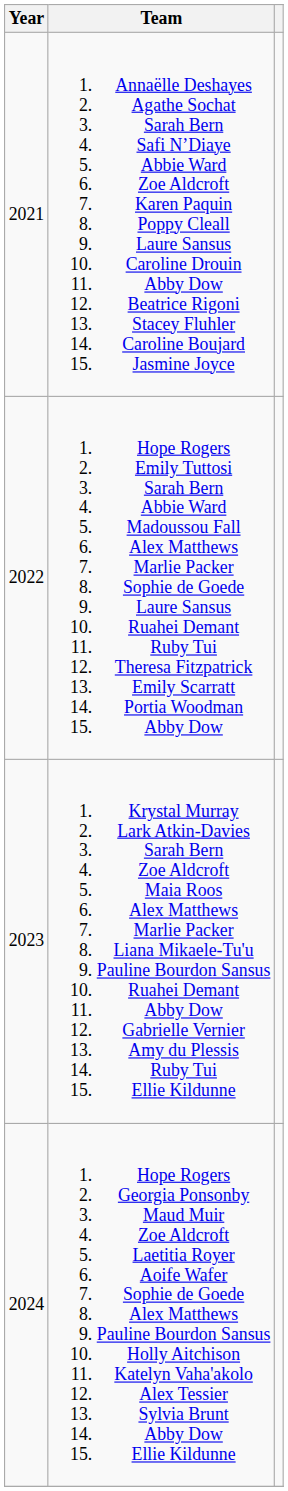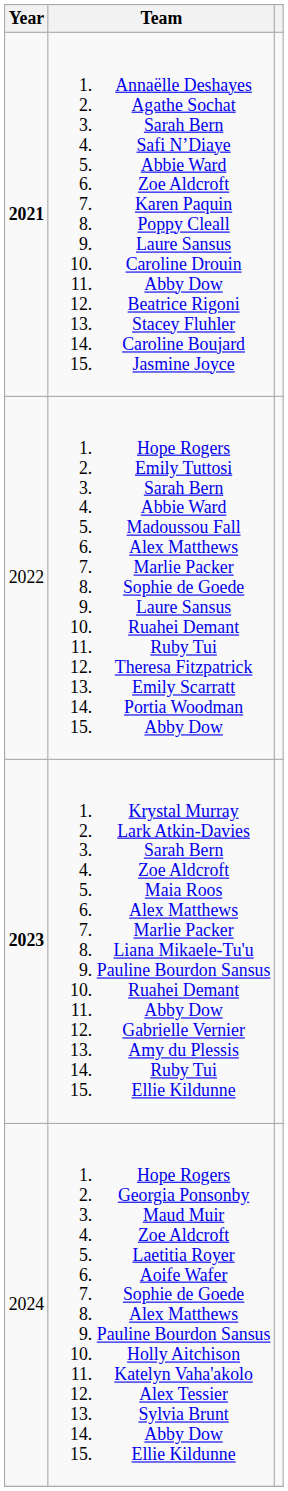 <table class="wikitable" style="text-align: center;">
 <tr>
 <th>Year</th>
 <th>Team</th>
 <th></th>
 </tr>
 <tr>
-<td>2021</td>
+<td><strong>2021</strong></td>
 <td><br><ol><li> <a href='#'>Annaëlle Deshayes</a></li><li> <a href='#'>Agathe Sochat</a></li><li> <a href='#'>Sarah Bern</a></li><li> <a href='#'>Safi N’Diaye</a></li><li> <a href='#'>Abbie Ward</a></li><li> <a href='#'>Zoe Aldcroft</a></li><li> <a href='#'>Karen Paquin</a></li><li> <a href='#'>Poppy Cleall</a></li><li> <a href='#'>Laure Sansus</a></li><li> <a href='#'>Caroline Drouin</a></li><li> <a href='#'>Abby Dow</a></li><li> <a href='#'>Beatrice Rigoni</a></li><li> <a href='#'>Stacey Fluhler</a></li><li> <a href='#'>Caroline Boujard</a></li><li> <a href='#'>Jasmine Joyce</a></li></ol></td>
 <td></td>
 </tr>
 <tr>
 <td>2022</td>
 <td><br><ol><li> <a href='#'>Hope Rogers</a></li><li> <a href='#'>Emily Tuttosi</a></li><li> <a href='#'>Sarah Bern</a></li><li> <a href='#'>Abbie Ward</a></li><li> <a href='#'>Madoussou Fall</a></li><li> <a href='#'>Alex Matthews</a></li><li> <a href='#'>Marlie Packer</a></li><li> <a href='#'>Sophie de Goede</a></li><li> <a href='#'>Laure Sansus</a></li><li> <a href='#'>Ruahei Demant</a></li><li> <a href='#'>Ruby Tui</a></li><li> <a href='#'>Theresa Fitzpatrick</a></li><li> <a href='#'>Emily Scarratt</a></li><li> <a href='#'>Portia Woodman</a></li><li> <a href='#'>Abby Dow</a></li></ol></td>
 <td></td>
 </tr>
 <tr>
-<td>2023</td>
+<td><strong>2023</strong></td>
 <td><br><ol><li> <a href='#'>Krystal Murray</a></li><li> <a href='#'>Lark Atkin-Davies</a></li><li> <a href='#'>Sarah Bern</a></li><li> <a href='#'>Zoe Aldcroft</a></li><li> <a href='#'>Maia Roos</a></li><li> <a href='#'>Alex Matthews</a></li><li> <a href='#'>Marlie Packer</a></li><li> <a href='#'>Liana Mikaele-Tu'u</a></li><li> <a href='#'>Pauline Bourdon Sansus</a></li><li> <a href='#'>Ruahei Demant</a></li><li> <a href='#'>Abby Dow</a></li><li> <a href='#'>Gabrielle Vernier</a></li><li> <a href='#'>Amy du Plessis</a></li><li> <a href='#'>Ruby Tui</a></li><li> <a href='#'>Ellie Kildunne</a></li></ol></td>
 <td></td>
 </tr>
 <tr>
 <td>2024</td>
 <td><br><ol><li> <a href='#'>Hope Rogers</a></li><li> <a href='#'>Georgia Ponsonby</a></li><li> <a href='#'>Maud Muir</a></li><li> <a href='#'>Zoe Aldcroft</a></li><li> <a href='#'>Laetitia Royer</a></li><li> <a href='#'>Aoife Wafer</a></li><li> <a href='#'>Sophie de Goede</a></li><li> <a href='#'>Alex Matthews</a></li><li> <a href='#'>Pauline Bourdon Sansus</a></li><li> <a href='#'>Holly Aitchison</a></li><li> <a href='#'>Katelyn Vaha'akolo</a></li><li> <a href='#'>Alex Tessier</a></li><li> <a href='#'>Sylvia Brunt</a></li><li> <a href='#'>Abby Dow</a></li><li> <a href='#'>Ellie Kildunne</a></li></ol></td>
 <td></td>
 </tr>
 <tr>
 </tr>
 </table>
